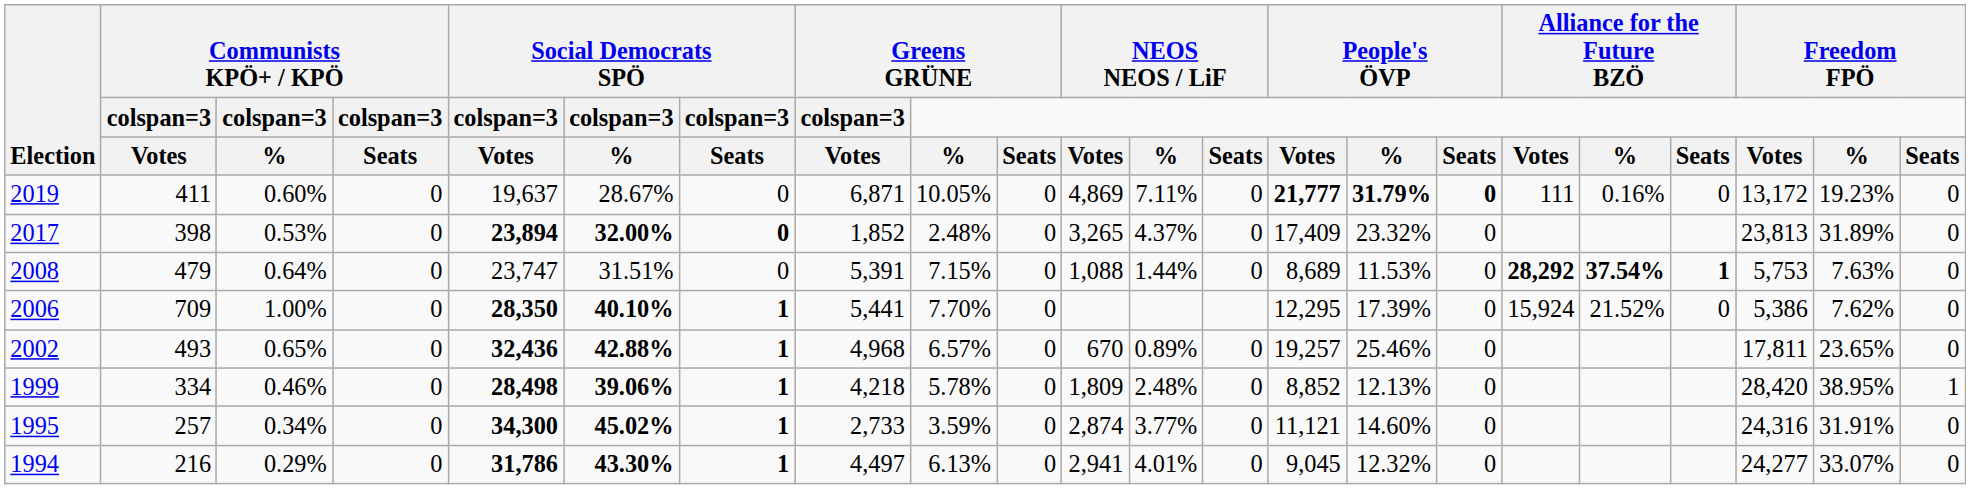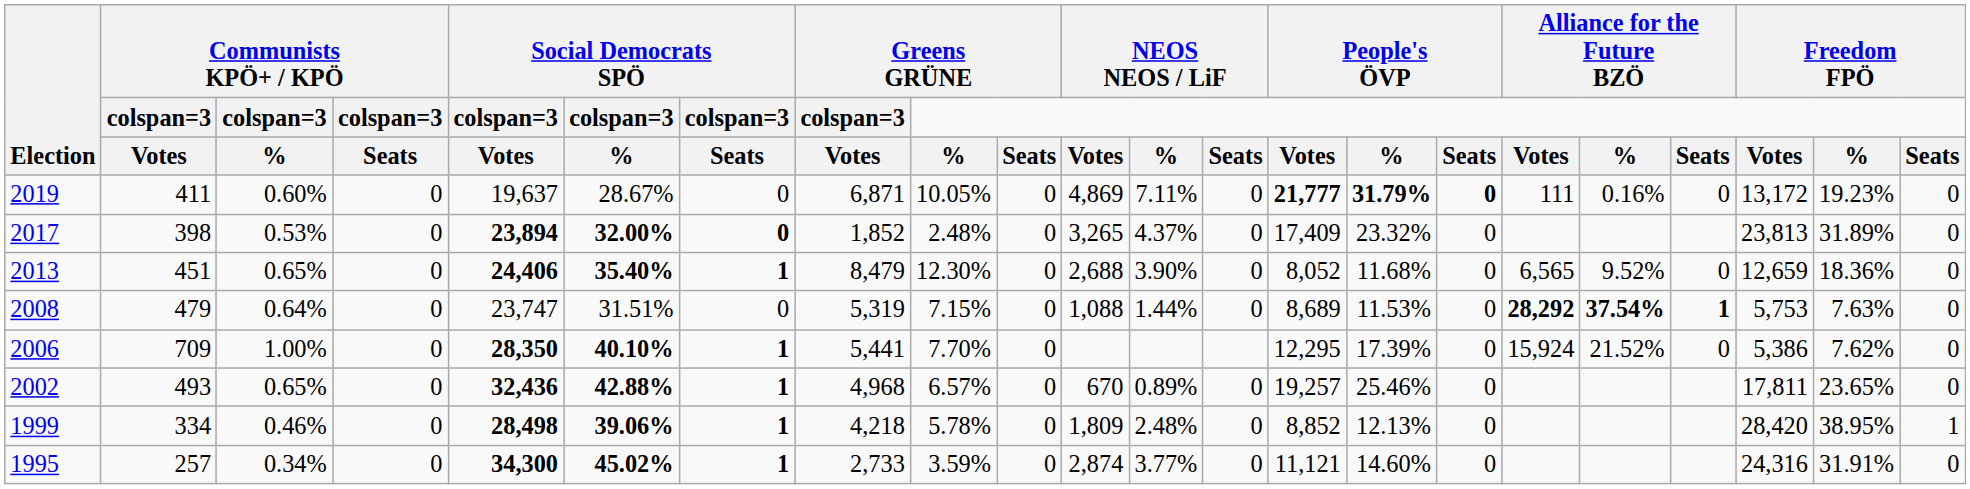 <table class="wikitable" border="1" style="font-size:100%; text-align:right;">
 <tr>
 <th style="text-align:left;" valign=bottom rowspan=3>Election</th>
 <th valign=bottom colspan=3><a href='#'>Communists</a><br>KPÖ+ / KPÖ</th>
 <th valign=bottom colspan=3><a href='#'>Social Democrats</a><br>SPÖ</th>
 <th valign=bottom colspan=3><a href='#'>Greens</a><br>GRÜNE</th>
 <th valign=bottom colspan=3><a href='#'>NEOS</a><br>NEOS / LiF</th>
 <th valign=bottom colspan=3><a href='#'>People's</a><br>ÖVP</th>
 <th valign=bottom colspan=3><a href='#'>Alliance for the Future</a><br>BZÖ</th>
 <th valign=bottom colspan=3><a href='#'>Freedom</a><br>FPÖ</th>
 </tr>
 <tr>
 <th>colspan=3 </th>
 <th>colspan=3 </th>
 <th>colspan=3 </th>
 <th>colspan=3 </th>
 <th>colspan=3 </th>
 <th>colspan=3 </th>
 <th>colspan=3 </th>
 </tr>
 <tr>
 <th>Votes</th>
 <th>%</th>
 <th>Seats</th>
 <th>Votes</th>
 <th>%</th>
 <th>Seats</th>
 <th>Votes</th>
 <th>%</th>
 <th>Seats</th>
 <th>Votes</th>
 <th>%</th>
 <th>Seats</th>
 <th>Votes</th>
 <th>%</th>
 <th>Seats</th>
 <th>Votes</th>
 <th>%</th>
 <th>Seats</th>
 <th>Votes</th>
 <th>%</th>
 <th>Seats</th>
 </tr>
 <tr>
 <td align=left><a href='#'>2019</a></td>
 <td>411</td>
 <td>0.60%</td>
 <td>0</td>
 <td>19,637</td>
 <td>28.67%</td>
 <td>0</td>
 <td>6,871</td>
 <td>10.05%</td>
 <td>0</td>
 <td>4,869</td>
 <td>7.11%</td>
 <td>0</td>
 <td><strong>21,777</strong></td>
 <td><strong>31.79%</strong></td>
 <td><strong>0</strong></td>
 <td>111</td>
 <td>0.16%</td>
 <td>0</td>
 <td>13,172</td>
 <td>19.23%</td>
 <td>0</td>
 </tr>
 <tr>
 <td align=left><a href='#'>2017</a></td>
 <td>398</td>
 <td>0.53%</td>
 <td>0</td>
 <td><strong>23,894</strong></td>
 <td><strong>32.00%</strong></td>
 <td><strong>0</strong></td>
 <td>1,852</td>
 <td>2.48%</td>
 <td>0</td>
 <td>3,265</td>
 <td>4.37%</td>
 <td>0</td>
 <td>17,409</td>
 <td>23.32%</td>
 <td>0</td>
 <td></td>
 <td></td>
 <td></td>
 <td>23,813</td>
 <td>31.89%</td>
 <td>0</td>
 </tr>
 <tr>
+<td align=left><a href='#'>2013</a></td>
+<td>451</td>
+<td>0.65%</td>
+<td>0</td>
+<td><strong>24,406</strong></td>
+<td><strong>35.40%</strong></td>
+<td><strong>1</strong></td>
+<td>8,479</td>
+<td>12.30%</td>
+<td>0</td>
+<td>2,688</td>
+<td>3.90%</td>
+<td>0</td>
+<td>8,052</td>
+<td>11.68%</td>
+<td>0</td>
+<td>6,565</td>
+<td>9.52%</td>
+<td>0</td>
+<td>12,659</td>
+<td>18.36%</td>
+<td>0</td>
+</tr>
+<tr>
 <td align=left><a href='#'>2008</a></td>
 <td>479</td>
 <td>0.64%</td>
 <td>0</td>
 <td>23,747</td>
 <td>31.51%</td>
 <td>0</td>
-<td>5,391</td>
+<td>5,319</td>
 <td>7.15%</td>
 <td>0</td>
 <td>1,088</td>
 <td>1.44%</td>
 <td>0</td>
 <td>8,689</td>
 <td>11.53%</td>
 <td>0</td>
 <td><strong>28,292</strong></td>
 <td><strong>37.54%</strong></td>
 <td><strong>1</strong></td>
 <td>5,753</td>
 <td>7.63%</td>
 <td>0</td>
 </tr>
 <tr>
 <td align=left><a href='#'>2006</a></td>
 <td>709</td>
 <td>1.00%</td>
 <td>0</td>
 <td><strong>28,350</strong></td>
 <td><strong>40.10%</strong></td>
 <td><strong>1</strong></td>
 <td>5,441</td>
 <td>7.70%</td>
 <td>0</td>
 <td></td>
 <td></td>
 <td></td>
 <td>12,295</td>
 <td>17.39%</td>
 <td>0</td>
 <td>15,924</td>
 <td>21.52%</td>
 <td>0</td>
 <td>5,386</td>
 <td>7.62%</td>
 <td>0</td>
 </tr>
 <tr>
 <td align=left><a href='#'>2002</a></td>
 <td>493</td>
 <td>0.65%</td>
 <td>0</td>
 <td><strong>32,436</strong></td>
 <td><strong>42.88%</strong></td>
 <td><strong>1</strong></td>
 <td>4,968</td>
 <td>6.57%</td>
 <td>0</td>
 <td>670</td>
 <td>0.89%</td>
 <td>0</td>
 <td>19,257</td>
 <td>25.46%</td>
 <td>0</td>
 <td></td>
 <td></td>
 <td></td>
 <td>17,811</td>
 <td>23.65%</td>
 <td>0</td>
 </tr>
 <tr>
 <td align=left><a href='#'>1999</a></td>
 <td>334</td>
 <td>0.46%</td>
 <td>0</td>
 <td><strong>28,498</strong></td>
 <td><strong>39.06%</strong></td>
 <td><strong>1</strong></td>
 <td>4,218</td>
 <td>5.78%</td>
 <td>0</td>
 <td>1,809</td>
 <td>2.48%</td>
 <td>0</td>
 <td>8,852</td>
 <td>12.13%</td>
 <td>0</td>
 <td></td>
 <td></td>
 <td></td>
 <td>28,420</td>
 <td>38.95%</td>
 <td>1</td>
 </tr>
 <tr>
 <td align=left><a href='#'>1995</a></td>
 <td>257</td>
 <td>0.34%</td>
 <td>0</td>
 <td><strong>34,300</strong></td>
 <td><strong>45.02%</strong></td>
 <td><strong>1</strong></td>
 <td>2,733</td>
 <td>3.59%</td>
 <td>0</td>
 <td>2,874</td>
 <td>3.77%</td>
 <td>0</td>
 <td>11,121</td>
 <td>14.60%</td>
 <td>0</td>
 <td></td>
 <td></td>
 <td></td>
 <td>24,316</td>
 <td>31.91%</td>
 <td>0</td>
 </tr>
-<tr>
-<td align=left><a href='#'>1994</a></td>
-<td>216</td>
-<td>0.29%</td>
-<td>0</td>
-<td><strong>31,786</strong></td>
-<td><strong>43.30%</strong></td>
-<td><strong>1</strong></td>
-<td>4,497</td>
-<td>6.13%</td>
-<td>0</td>
-<td>2,941</td>
-<td>4.01%</td>
-<td>0</td>
-<td>9,045</td>
-<td>12.32%</td>
-<td>0</td>
-<td></td>
-<td></td>
-<td></td>
-<td>24,277</td>
-<td>33.07%</td>
-<td>0</td>
-</tr>
 </table>
